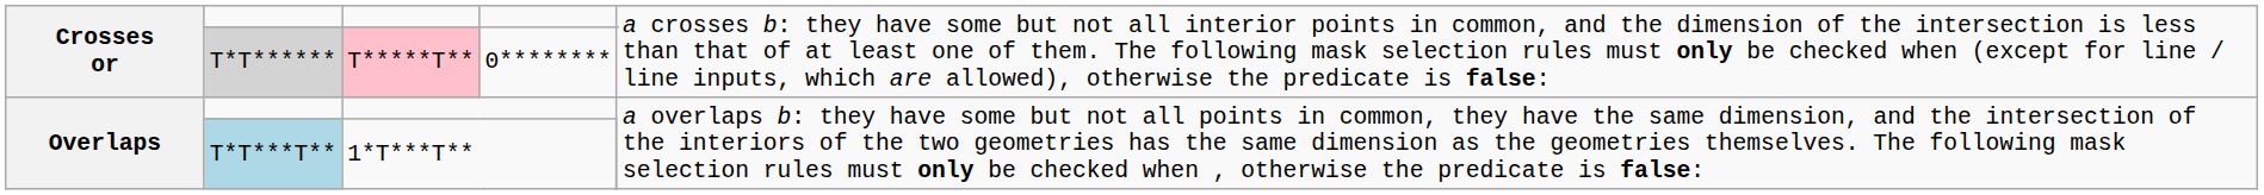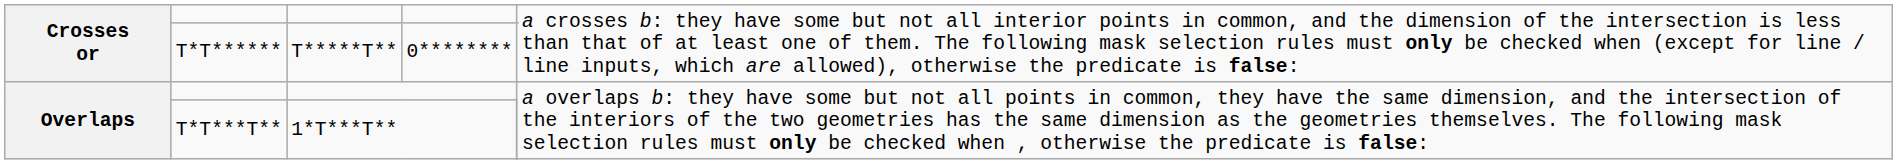 <table class="wikitable">
 <tr>
 <th rowspan="2" style="width:8em"><strong>Crosses</strong><span><br> or <br></span></th>
 <td></td>
 <td></td>
 <td colspan="2"></td>
 <td rowspan="2" colspan="2"><em>a</em> crosses <em>b</em>: they have some but not all interior points in common, and the dimension of the intersection is less than that of at least one of them. The following mask selection rules must <strong>only</strong> be checked when  (except for line / line inputs, which <em>are</em> allowed), otherwise the predicate is <strong>false</strong>:<br></td>
 </tr>
 <tr>
-<td style="background: lightgrey;"><code>T*T******</code> <small><br></small></td>
-<td style="background: pink;"><code>T*****T**</code> <small><br></small></td>
+<td><code>T*T******</code> <small><br></small></td>
+<td><code>T*****T**</code> <small><br></small></td>
 <td colspan="2"><code>0********</code> <small><br></small></td>
 </tr>
 <tr>
 <th rowspan="2">Overlaps<span><br></span></th>
 <td></td>
 <td colspan="3"></td>
 <td rowspan="2" colspan="2"><em>a</em> overlaps <em>b</em>: they have some but not all points in common, they have the same dimension, and the intersection of the interiors of the two geometries has the same dimension as the geometries themselves. The following mask selection rules must <strong>only</strong> be checked when , otherwise the predicate is <strong>false</strong>:<br></td>
 </tr>
 <tr>
-<td style="background: lightblue;"><code>T*T***T**</code> <small><br></small></td>
+<td><code>T*T***T**</code> <small><br></small></td>
 <td colspan="2"><code>1*T***T**</code> <small><br></small></td>
 </tr>
 </table>
